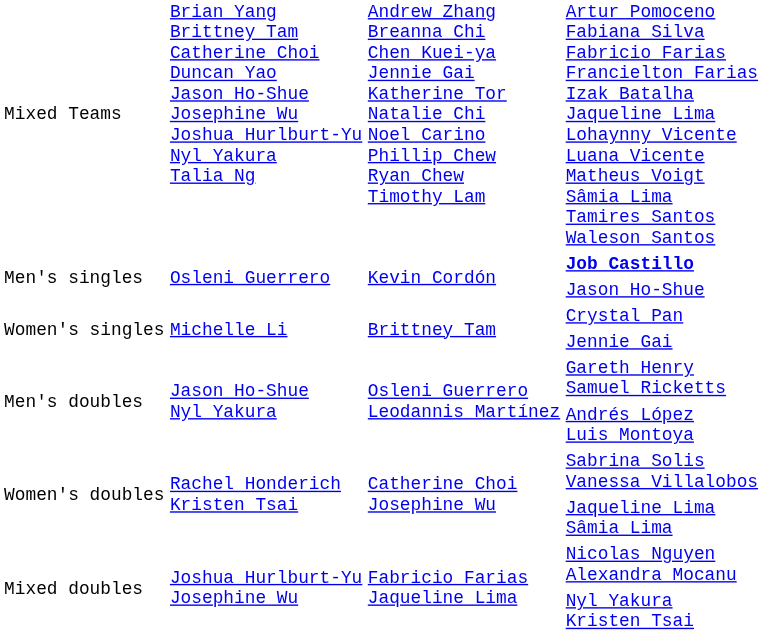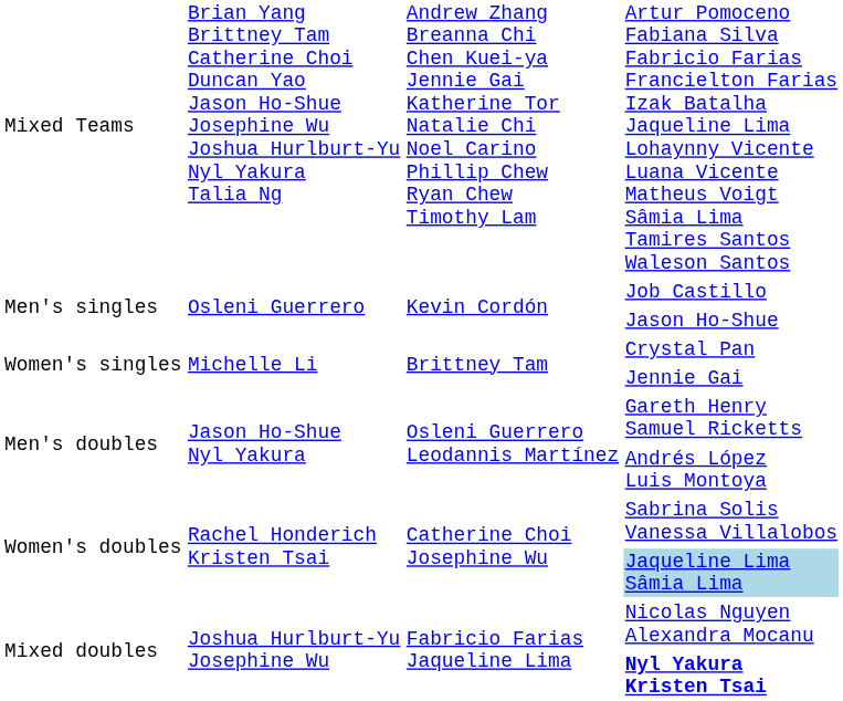 <table>
 <tr>
 <td>Mixed Teams</td>
 <td align="left" valign="top"><br><a href='#'>Brian Yang</a><br><a href='#'>Brittney Tam</a><br><a href='#'>Catherine Choi</a><br><a href='#'>Duncan Yao</a><br><a href='#'>Jason Ho-Shue</a><br><a href='#'>Josephine Wu</a><br><a href='#'>Joshua Hurlburt-Yu</a><br><a href='#'>Nyl Yakura</a><br><a href='#'>Talia Ng</a></td>
 <td align="left" valign="top"><br><a href='#'>Andrew Zhang</a><br><a href='#'>Breanna Chi</a><br><a href='#'>Chen Kuei-ya</a><br><a href='#'>Jennie Gai</a><br><a href='#'>Katherine Tor</a><br><a href='#'>Natalie Chi</a><br><a href='#'>Noel Carino</a><br><a href='#'>Phillip Chew</a><br><a href='#'>Ryan Chew</a><br><a href='#'>Timothy Lam</a></td>
 <td align="left" valign="top"><br><a href='#'>Artur Pomoceno</a><br><a href='#'>Fabiana Silva</a><br><a href='#'>Fabricio Farias</a><br><a href='#'>Francielton Farias</a><br><a href='#'>Izak Batalha</a><br><a href='#'>Jaqueline Lima</a><br><a href='#'>Lohaynny Vicente</a><br><a href='#'>Luana Vicente</a><br><a href='#'>Matheus Voigt</a><br><a href='#'>Sâmia Lima</a><br><a href='#'>Tamires Santos</a><br><a href='#'>Waleson Santos</a></td>
 </tr>
 <tr>
 <td rowspan=2>Men's singles</td>
 <td rowspan=2> <a href='#'>Osleni Guerrero</a></td>
 <td rowspan=2> <a href='#'>Kevin Cordón</a></td>
-<td><strong> <a href='#'>Job Castillo</a></strong></td>
+<td> <a href='#'>Job Castillo</a></td>
 </tr>
 <tr>
 <td> <a href='#'>Jason Ho-Shue</a></td>
 </tr>
 <tr>
 <td rowspan=2>Women's singles</td>
 <td rowspan=2> <a href='#'>Michelle Li</a></td>
 <td rowspan=2> <a href='#'>Brittney Tam</a></td>
 <td> <a href='#'>Crystal Pan</a></td>
 </tr>
 <tr>
 <td> <a href='#'>Jennie Gai</a></td>
 </tr>
 <tr>
 <td rowspan=2>Men's doubles</td>
 <td rowspan=2> <a href='#'>Jason Ho-Shue</a><br> <a href='#'>Nyl Yakura</a></td>
 <td rowspan=2> <a href='#'>Osleni Guerrero</a><br> <a href='#'>Leodannis Martínez</a></td>
 <td> <a href='#'>Gareth Henry</a><br> <a href='#'>Samuel Ricketts</a></td>
 </tr>
 <tr>
 <td> <a href='#'>Andrés López</a><br> <a href='#'>Luis Montoya</a></td>
 </tr>
 <tr>
 <td rowspan=2>Women's doubles</td>
 <td rowspan=2> <a href='#'>Rachel Honderich</a><br> <a href='#'>Kristen Tsai</a></td>
 <td rowspan=2> <a href='#'>Catherine Choi</a><br> <a href='#'>Josephine Wu</a></td>
 <td> <a href='#'>Sabrina Solis</a><br> <a href='#'>Vanessa Villalobos</a></td>
 </tr>
 <tr>
-<td> <a href='#'>Jaqueline Lima</a><br> <a href='#'>Sâmia Lima</a></td>
+<td style="background: lightblue;"> <a href='#'>Jaqueline Lima</a><br> <a href='#'>Sâmia Lima</a></td>
 </tr>
 <tr>
 <td rowspan=2>Mixed doubles</td>
 <td rowspan=2> <a href='#'>Joshua Hurlburt-Yu</a><br> <a href='#'>Josephine Wu</a></td>
 <td rowspan=2> <a href='#'>Fabricio Farias</a><br> <a href='#'>Jaqueline Lima</a></td>
 <td> <a href='#'>Nicolas Nguyen</a><br> <a href='#'>Alexandra Mocanu</a></td>
 </tr>
 <tr>
-<td> <a href='#'>Nyl Yakura</a><br> <a href='#'>Kristen Tsai</a></td>
+<td><strong> <a href='#'>Nyl Yakura</a><br> <a href='#'>Kristen Tsai</a></strong></td>
 </tr>
 </table>
